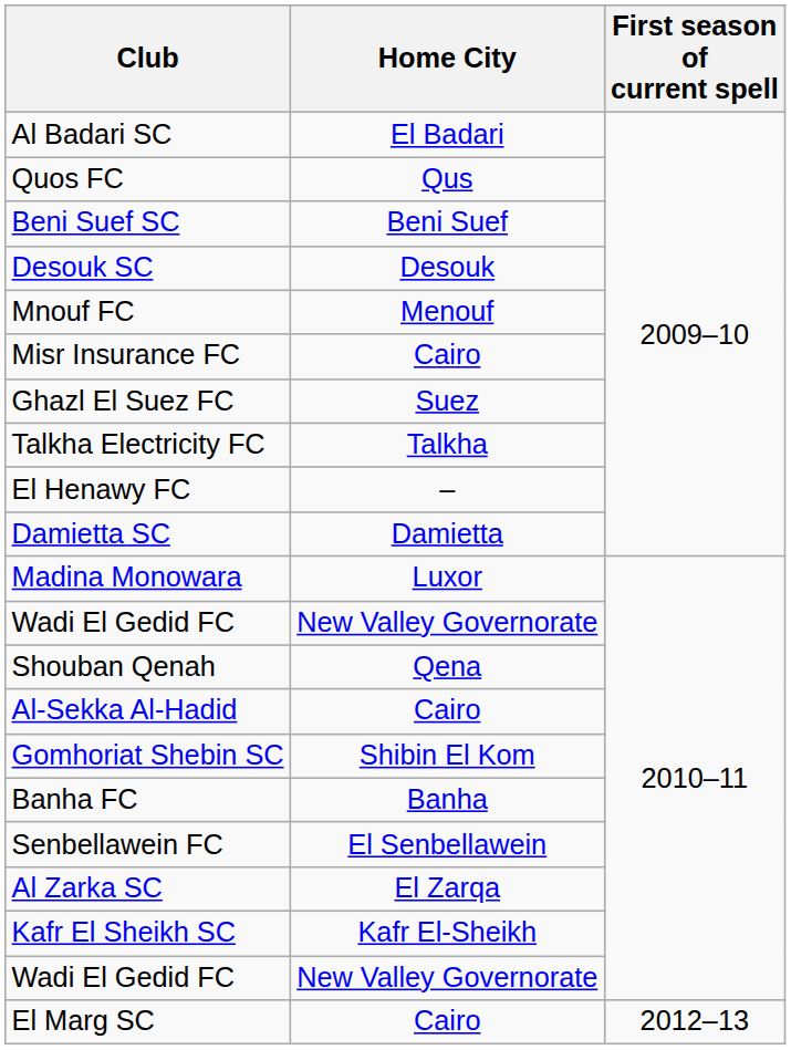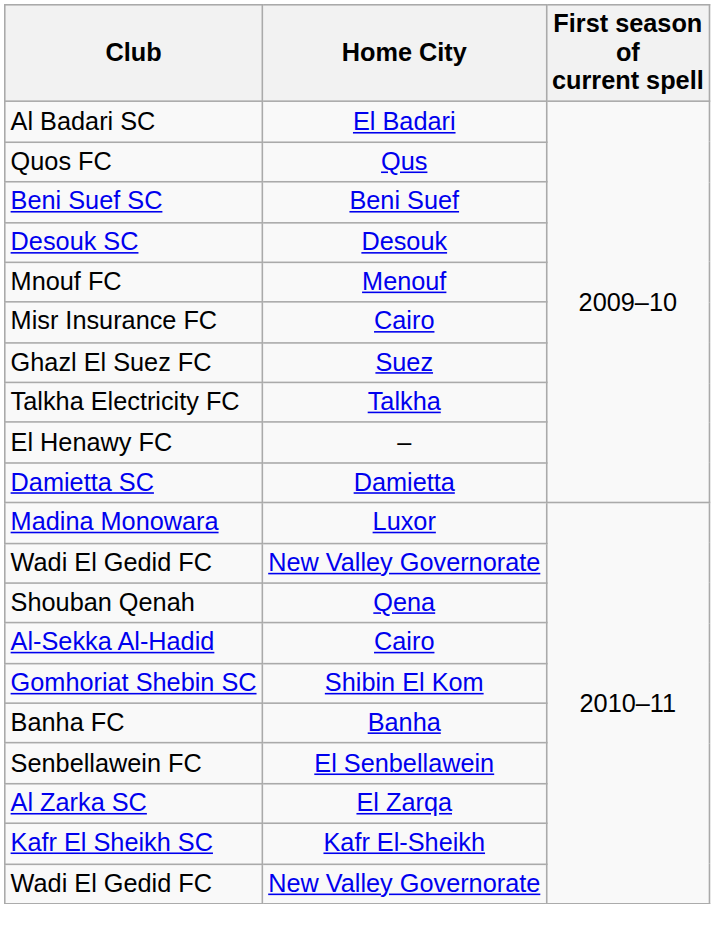 <table class="wikitable sortable" style="text-align:center;">
 <tr>
 <th>Club</th>
 <th>Home City</th>
 <th>First season <br> of <br> current spell</th>
 </tr>
 <tr>
 <td style="text-align:left;">Al Badari SC</td>
 <td><a href='#'>El Badari</a></td>
 <td rowspan= "10">2009–10</td>
 </tr>
 <tr>
 <td style="text-align:left;">Quos FC</td>
 <td><a href='#'>Qus</a></td>
 </tr>
 <tr>
 <td style="text-align:left;"><a href='#'>Beni Suef SC</a></td>
 <td><a href='#'>Beni Suef</a></td>
 </tr>
 <tr>
 <td style="text-align:left;"><a href='#'>Desouk SC</a></td>
 <td><a href='#'>Desouk</a></td>
 </tr>
 <tr>
 <td style="text-align:left;">Mnouf FC</td>
 <td><a href='#'>Menouf</a></td>
 </tr>
 <tr>
 <td style="text-align:left;">Misr Insurance FC</td>
 <td><a href='#'>Cairo</a></td>
 </tr>
 <tr>
 <td style="text-align:left;">Ghazl El Suez FC</td>
 <td><a href='#'>Suez</a></td>
 </tr>
 <tr>
 <td style="text-align:left;">Talkha Electricity FC</td>
 <td><a href='#'>Talkha</a></td>
 </tr>
 <tr>
 <td style="text-align:left;">El Henawy FC</td>
 <td>–</td>
 </tr>
 <tr>
 <td style="text-align:left;"><a href='#'>Damietta SC</a></td>
 <td><a href='#'>Damietta</a></td>
 </tr>
 <tr>
 <td style="text-align:left;"><a href='#'>Madina Monowara</a></td>
 <td><a href='#'>Luxor</a></td>
 <td rowspan= "10">2010–11</td>
 </tr>
 <tr>
 <td style="text-align:left;">Wadi El Gedid FC</td>
 <td><a href='#'>New Valley Governorate</a></td>
 </tr>
 <tr>
 <td style="text-align:left;">Shouban Qenah</td>
 <td><a href='#'>Qena</a></td>
 </tr>
 <tr>
 <td style="text-align:left;"><a href='#'>Al-Sekka Al-Hadid</a></td>
 <td><a href='#'>Cairo</a></td>
 </tr>
 <tr>
 <td style="text-align:left;"><a href='#'>Gomhoriat Shebin SC</a></td>
 <td><a href='#'>Shibin El Kom</a></td>
 </tr>
 <tr>
 <td style="text-align:left;">Banha FC</td>
 <td><a href='#'>Banha</a></td>
 </tr>
 <tr>
 <td style="text-align:left;">Senbellawein FC</td>
 <td><a href='#'>El Senbellawein</a></td>
 </tr>
 <tr>
 <td style="text-align:left;"><a href='#'>Al Zarka SC</a></td>
 <td><a href='#'>El Zarqa</a></td>
 </tr>
 <tr>
 <td style="text-align:left;"><a href='#'>Kafr El Sheikh SC</a></td>
 <td><a href='#'>Kafr El-Sheikh</a></td>
 </tr>
 <tr>
 <td style="text-align:left;">Wadi El Gedid FC</td>
 <td><a href='#'>New Valley Governorate</a></td>
 </tr>
-<tr>
-<td style="text-align:left;">El Marg SC</td>
-<td><a href='#'>Cairo</a></td>
-<td>2012–13</td>
-</tr>
 </table>
